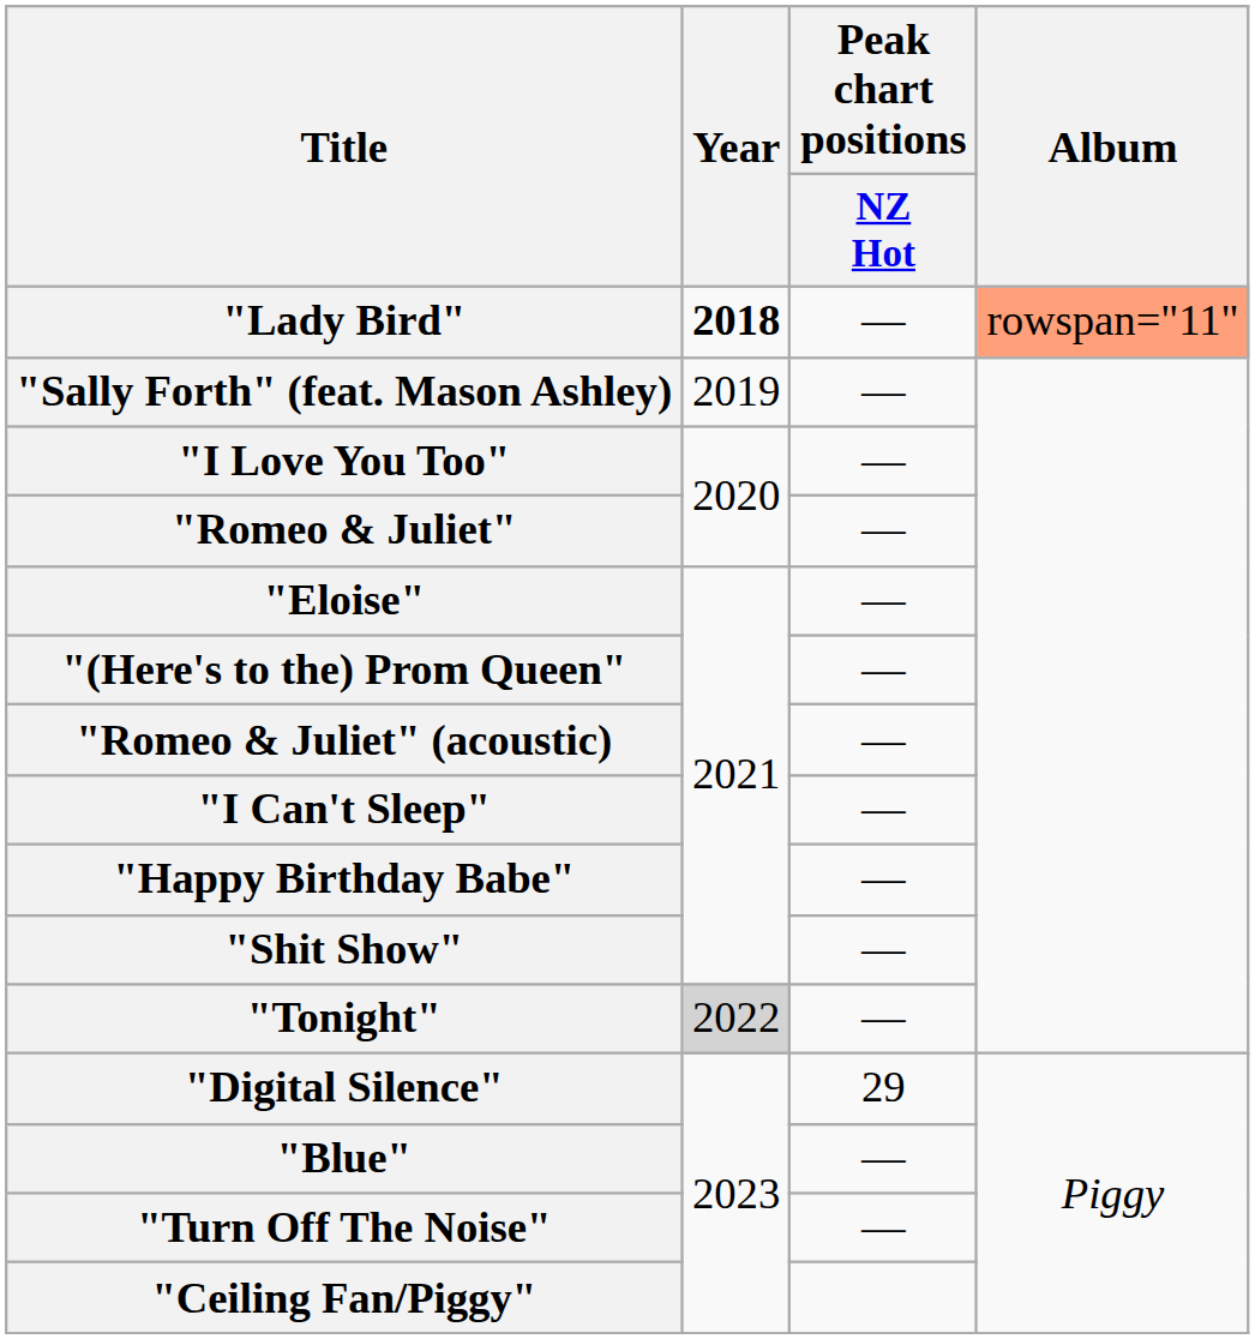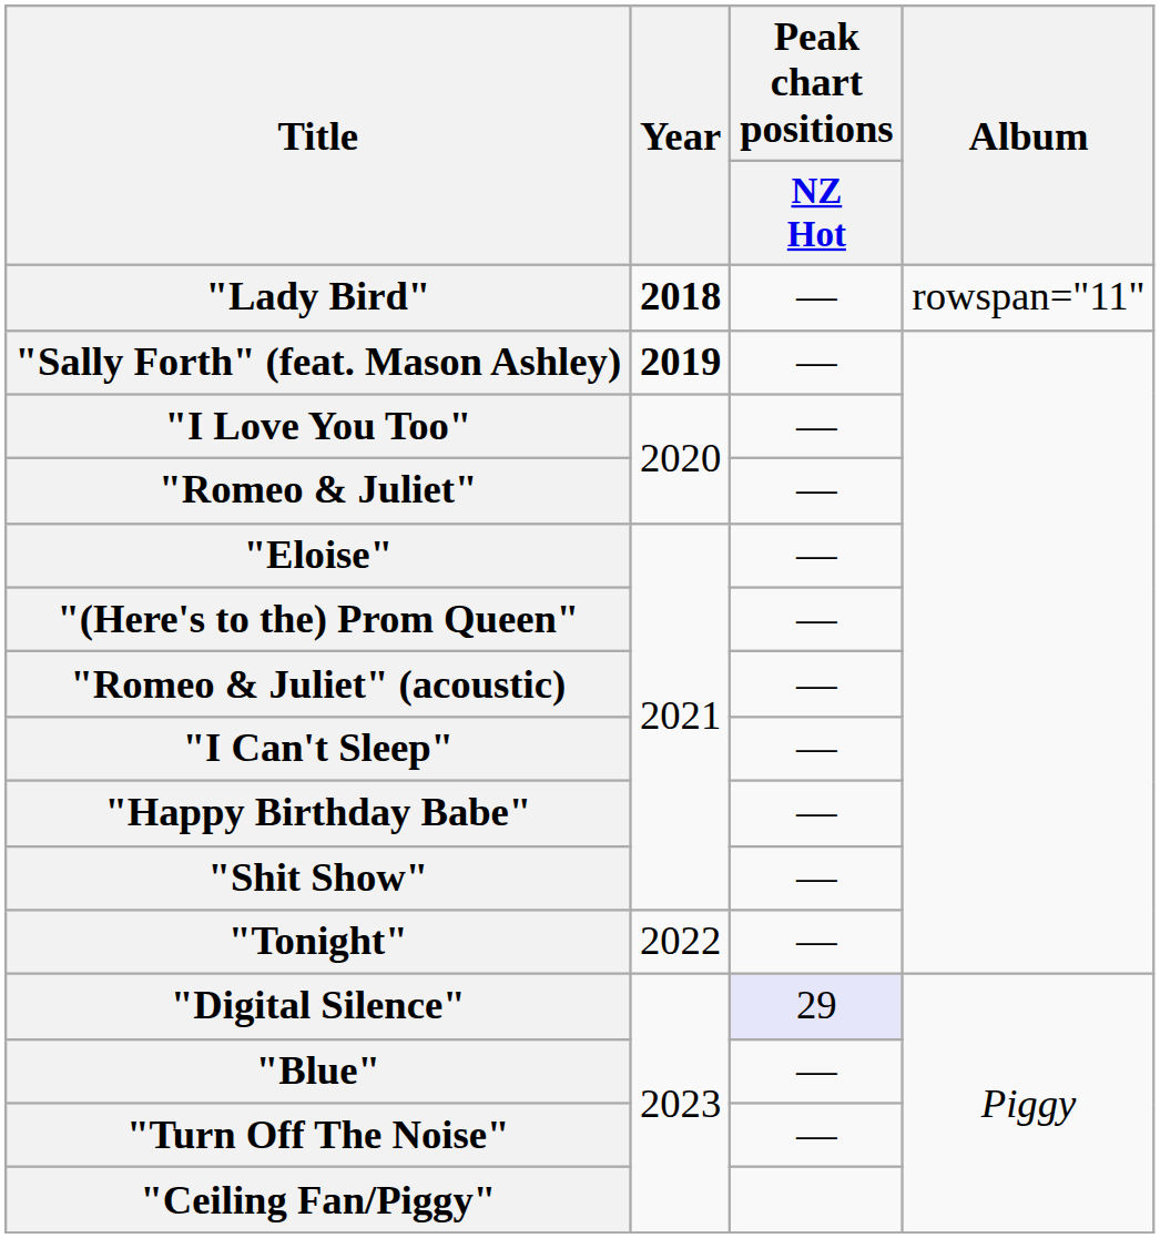 <table class="wikitable plainrowheaders" style="text-align:center">
 <tr>
 <th scope="col" rowspan="2">Title</th>
 <th scope="col" rowspan="2">Year</th>
 <th scope="col" colspan="1">Peak chart positions</th>
 <th scope="col" rowspan="2">Album</th>
 </tr>
 <tr>
 <th scope="col" style="width:3em;font-size:90%;"><a href='#'>NZ<br>Hot</a><br></th>
 </tr>
 <tr>
 <th scope="row">"Lady Bird"</th>
 <td><strong>2018</strong></td>
 <td>—</td>
-<td style="background: lightsalmon;">rowspan="11" </td>
+<td>rowspan="11" </td>
 </tr>
 <tr>
 <th scope="row">"Sally Forth" (feat. Mason Ashley)</th>
-<td>2019</td>
+<td><strong>2019</strong></td>
 <td>—</td>
 </tr>
 <tr>
 <th scope="row">"I Love You Too"</th>
 <td rowspan="2">2020</td>
 <td>—</td>
 </tr>
 <tr>
 <th scope="row">"Romeo & Juliet"</th>
 <td>—</td>
 </tr>
 <tr>
 <th scope="row">"Eloise"</th>
 <td rowspan="6">2021</td>
 <td>—</td>
 </tr>
 <tr>
 <th scope="row">"(Here's to the) Prom Queen"</th>
 <td>—</td>
 </tr>
 <tr>
 <th scope="row">"Romeo & Juliet" (acoustic)</th>
 <td>—</td>
 </tr>
 <tr>
 <th scope="row">"I Can't Sleep"</th>
 <td>—</td>
 </tr>
 <tr>
 <th scope="row">"Happy Birthday Babe"</th>
 <td>—</td>
 </tr>
 <tr>
 <th scope="row">"Shit Show"</th>
 <td>—</td>
 </tr>
 <tr>
 <th scope="row">"Tonight"</th>
-<td style="background: lightgrey;">2022</td>
+<td>2022</td>
 <td>—</td>
 </tr>
 <tr>
 <th scope="row">"Digital Silence"</th>
 <td rowspan="4">2023</td>
-<td>29</td>
+<td style="background: lavender;">29</td>
 <td rowspan="4"><em>Piggy</em></td>
 </tr>
 <tr>
 <th scope="row">"Blue"</th>
 <td>—</td>
 </tr>
 <tr>
 <th scope="row">"Turn Off The Noise"</th>
 <td>—</td>
 </tr>
 <tr>
 <th scope="row">"Ceiling Fan/Piggy"</th>
 <td></td>
 </tr>
 </table>
